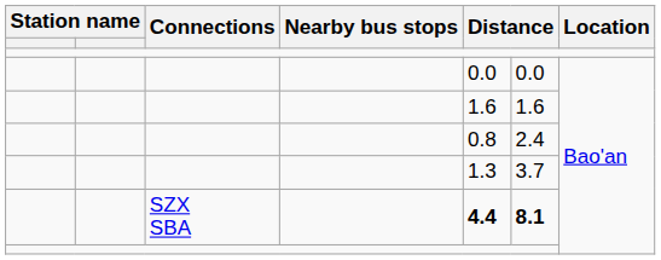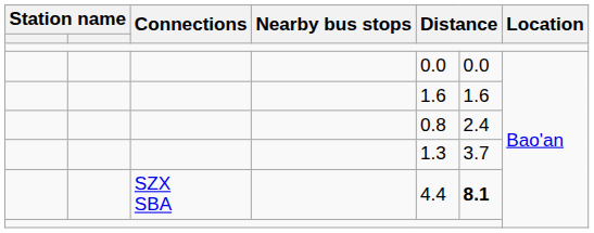 <table class="wikitable">
 <tr>
 <th colspan="2">Station name</th>
 <th rowspan="2">Connections</th>
 <th rowspan="2">Nearby bus stops</th>
 <th colspan="2" rowspan="2">Distance<br></th>
 <th rowspan="2">Location</th>
 </tr>
 <tr>
 <th></th>
 <th></th>
 </tr>
 <tr style="background:#">
 <td colspan="7"></td>
 </tr>
 <tr>
 <td></td>
 <td></td>
 <td></td>
 <td></td>
 <td>0.0</td>
 <td>0.0</td>
 <td rowspan="6"><a href='#'>Bao'an</a></td>
 </tr>
 <tr>
 <td></td>
 <td></td>
 <td></td>
 <td></td>
 <td>1.6</td>
 <td>1.6</td>
 </tr>
 <tr>
 <td></td>
 <td></td>
 <td></td>
 <td></td>
 <td>0.8</td>
 <td>2.4</td>
 </tr>
 <tr>
 <td></td>
 <td></td>
 <td></td>
 <td></td>
 <td>1.3</td>
 <td>3.7</td>
 </tr>
 <tr>
 <td></td>
 <td></td>
 <td>  <a href='#'>SZX</a><br> <a href='#'>SBA</a></td>
 <td></td>
-<td><strong>4.4</strong></td>
+<td>4.4</td>
 <td><strong>8.1</strong></td>
 </tr>
 <tr style="background:#">
 <td colspan="7"></td>
 </tr>
 </table>
